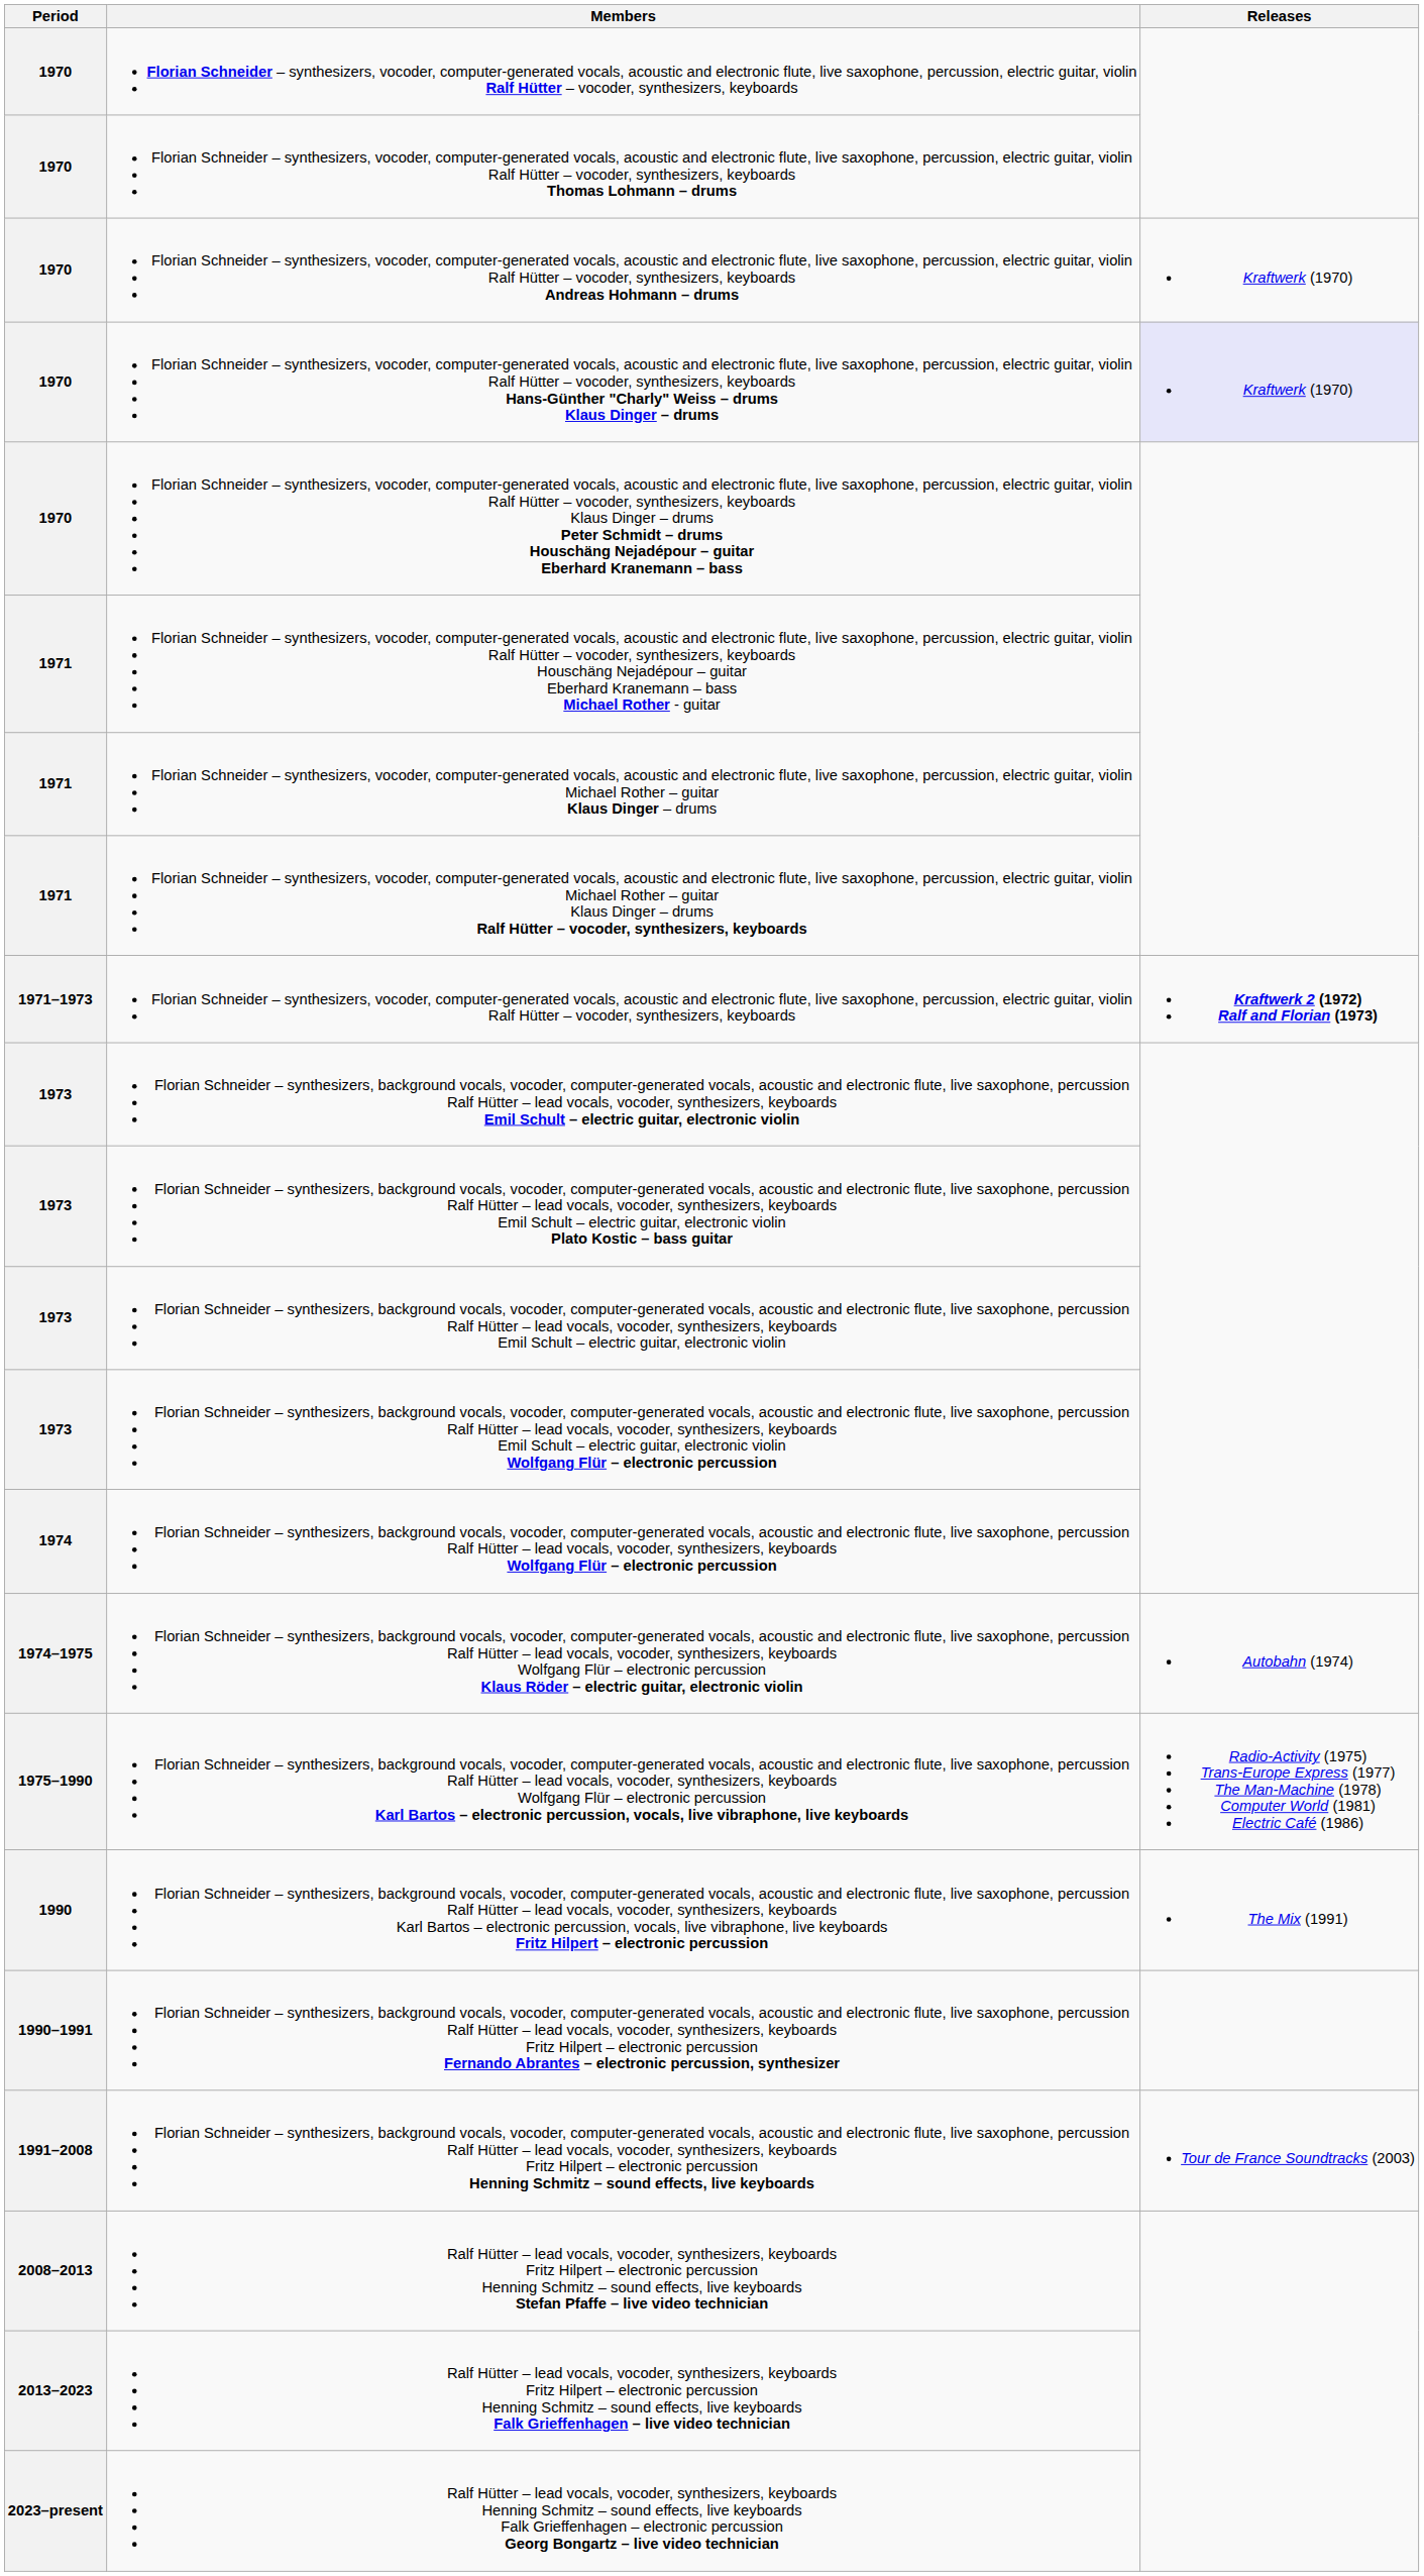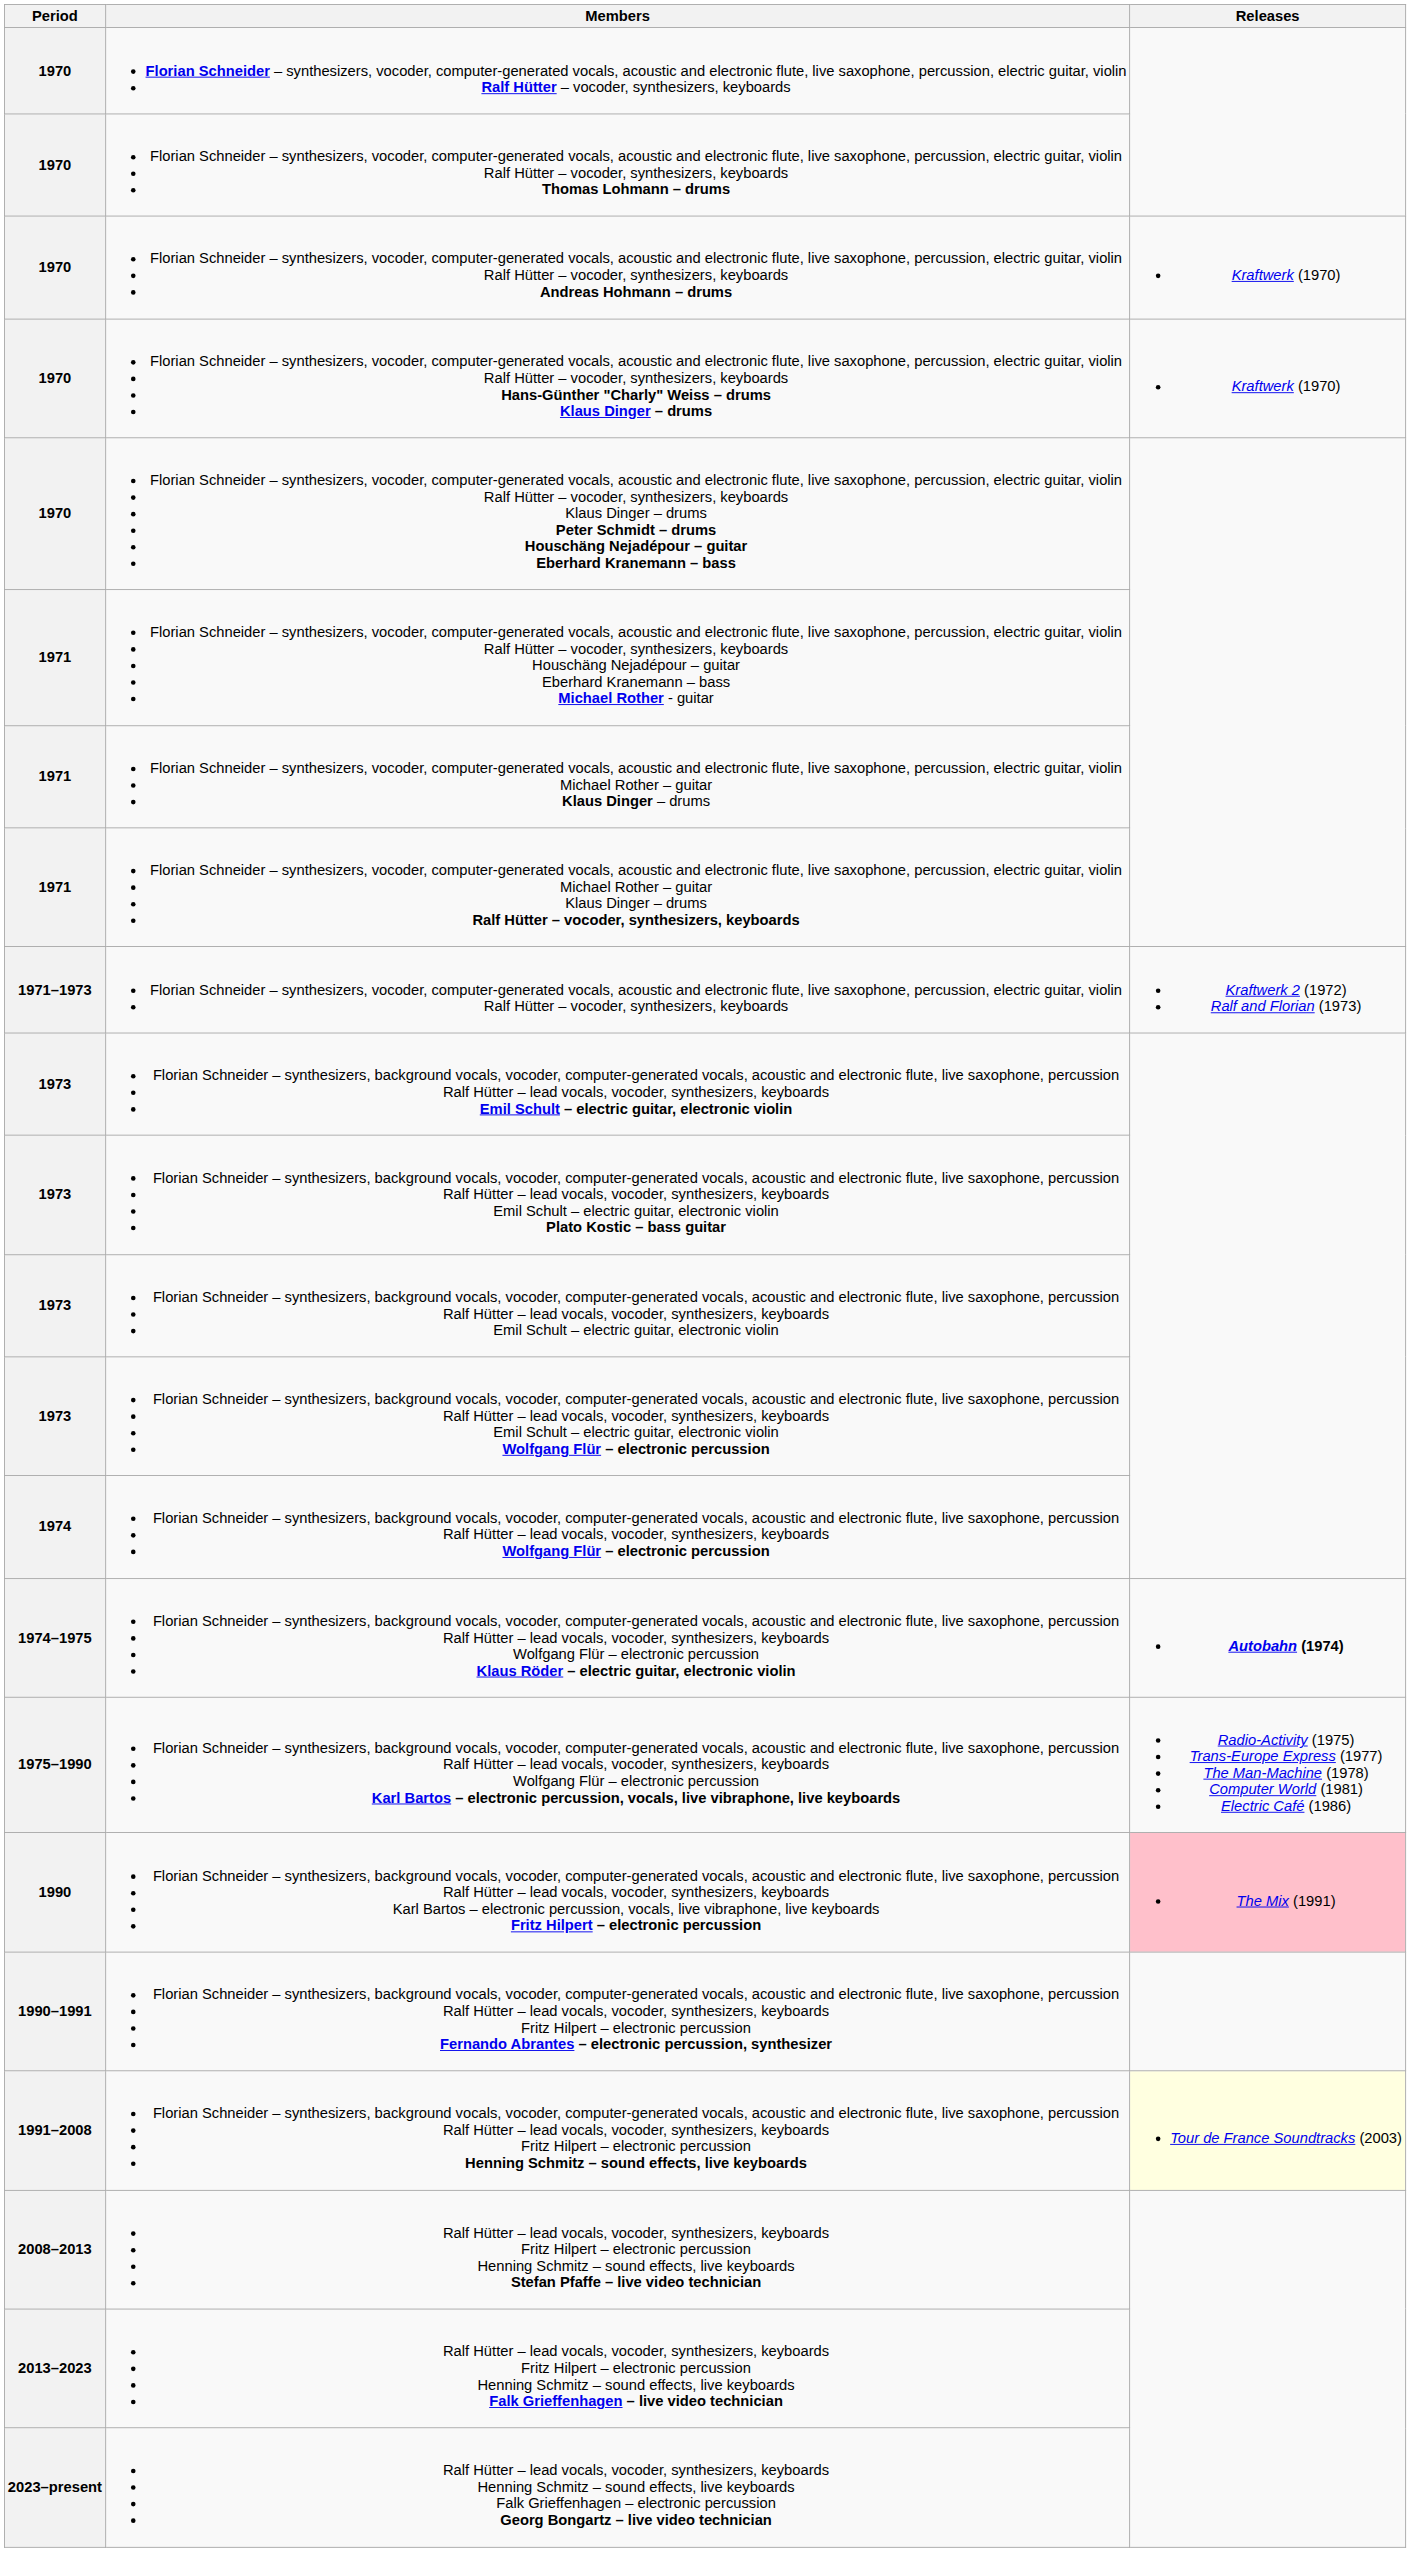 <table class="wikitable plainrowheaders" style="text-align:center;">
 <tr>
 <th scope="col">Period</th>
 <th scope="col">Members</th>
 <th scope="col">Releases</th>
 </tr>
 <tr>
 <th scope="col">1970</th>
 <td><br><ul><li><strong><a href='#'>Florian Schneider</a></strong> – synthesizers, vocoder, computer-generated vocals, acoustic and electronic flute, live saxophone, percussion, electric guitar, violin</li><li><strong><a href='#'>Ralf Hütter</a></strong> – vocoder, synthesizers, keyboards</li></ul></td>
 </tr>
 <tr>
 <th scope="col">1970</th>
 <td><br><ul><li>Florian Schneider – synthesizers, vocoder, computer-generated vocals, acoustic and electronic flute, live saxophone, percussion, electric guitar, violin</li><li>Ralf Hütter – vocoder, synthesizers, keyboards</li><li><strong>Thomas Lohmann – drums</strong></li></ul></td>
 </tr>
 <tr>
 <th scope="col">1970</th>
 <td><br><ul><li>Florian Schneider – synthesizers, vocoder, computer-generated vocals, acoustic and electronic flute, live saxophone, percussion, electric guitar, violin</li><li>Ralf Hütter – vocoder, synthesizers, keyboards</li><li><strong>Andreas Hohmann – drums</strong></li></ul></td>
 <td><br><ul><li><em><a href='#'>Kraftwerk</a></em> (1970)</li></ul></td>
 </tr>
 <tr>
 <th scope="col">1970</th>
 <td><br><ul><li>Florian Schneider – synthesizers, vocoder, computer-generated vocals, acoustic and electronic flute, live saxophone, percussion, electric guitar, violin</li><li>Ralf Hütter – vocoder, synthesizers, keyboards</li><li><strong>Hans-Günther "Charly" Weiss – drums</strong></li><li><strong><a href='#'>Klaus Dinger</a> – drums</strong></li></ul></td>
-<td style="background: lavender;"><br><ul><li><em><a href='#'>Kraftwerk</a></em> (1970)</li></ul></td>
+<td><br><ul><li><em><a href='#'>Kraftwerk</a></em> (1970)</li></ul></td>
 </tr>
 <tr>
 <th scope="col">1970</th>
 <td><br><ul><li>Florian Schneider – synthesizers, vocoder, computer-generated vocals, acoustic and electronic flute, live saxophone, percussion, electric guitar, violin</li><li>Ralf Hütter – vocoder, synthesizers, keyboards</li><li>Klaus Dinger – drums</li><li><strong>Peter Schmidt – drums</strong></li><li><strong>Houschäng Nejadépour – guitar</strong></li><li><strong>Eberhard Kranemann – bass</strong></li></ul></td>
 </tr>
 <tr>
 <th scope="col">1971</th>
 <td><br><ul><li>Florian Schneider – synthesizers, vocoder, computer-generated vocals, acoustic and electronic flute, live saxophone, percussion, electric guitar, violin</li><li>Ralf Hütter – vocoder, synthesizers, keyboards</li><li>Houschäng Nejadépour – guitar</li><li>Eberhard Kranemann – bass</li><li><strong><a href='#'>Michael Rother</a></strong> - guitar</li></ul></td>
 </tr>
 <tr>
 <th scope="col">1971</th>
 <td><br><ul><li>Florian Schneider – synthesizers, vocoder, computer-generated vocals, acoustic and electronic flute, live saxophone, percussion, electric guitar, violin</li><li>Michael Rother – guitar</li><li><strong>Klaus Dinger</strong> – drums</li></ul></td>
 </tr>
 <tr>
 <th scope="col">1971</th>
 <td><br><ul><li>Florian Schneider – synthesizers, vocoder, computer-generated vocals, acoustic and electronic flute, live saxophone, percussion, electric guitar, violin</li><li>Michael Rother – guitar</li><li>Klaus Dinger – drums</li><li><strong>Ralf Hütter – vocoder, synthesizers, keyboards</strong></li></ul></td>
 </tr>
 <tr>
 <th scope="col">1971–1973</th>
 <td><br><ul><li>Florian Schneider – synthesizers, vocoder, computer-generated vocals, acoustic and electronic flute, live saxophone, percussion, electric guitar, violin</li><li>Ralf Hütter – vocoder, synthesizers, keyboards</li></ul></td>
-<td><strong><br><ul><li><em><a href='#'>Kraftwerk 2</a></em> (1972)</li><li><em><a href='#'>Ralf and Florian</a></em> (1973)</li></ul></strong></td>
+<td><br><ul><li><em><a href='#'>Kraftwerk 2</a></em> (1972)</li><li><em><a href='#'>Ralf and Florian</a></em> (1973)</li></ul></td>
 </tr>
 <tr>
 <th scope="col">1973</th>
 <td><br><ul><li>Florian Schneider – synthesizers, background vocals, vocoder, computer-generated vocals, acoustic and electronic flute, live saxophone, percussion</li><li>Ralf Hütter – lead vocals, vocoder, synthesizers, keyboards</li><li><strong><a href='#'>Emil Schult</a> – electric guitar, electronic violin</strong></li></ul></td>
 </tr>
 <tr>
 <th scope="col">1973</th>
 <td><br><ul><li>Florian Schneider – synthesizers, background vocals, vocoder, computer-generated vocals, acoustic and electronic flute, live saxophone, percussion</li><li>Ralf Hütter – lead vocals, vocoder, synthesizers, keyboards</li><li>Emil Schult – electric guitar, electronic violin</li><li><strong>Plato Kostic – bass guitar</strong></li></ul></td>
 </tr>
 <tr>
 <th scope="col">1973</th>
 <td><br><ul><li>Florian Schneider – synthesizers, background vocals, vocoder, computer-generated vocals, acoustic and electronic flute, live saxophone, percussion</li><li>Ralf Hütter – lead vocals, vocoder, synthesizers, keyboards</li><li>Emil Schult – electric guitar, electronic violin</li></ul></td>
 </tr>
 <tr>
 <th scope="col">1973</th>
 <td><br><ul><li>Florian Schneider – synthesizers, background vocals, vocoder, computer-generated vocals, acoustic and electronic flute, live saxophone, percussion</li><li>Ralf Hütter – lead vocals, vocoder, synthesizers, keyboards</li><li>Emil Schult – electric guitar, electronic violin</li><li><strong><a href='#'>Wolfgang Flür</a> – electronic percussion</strong></li></ul></td>
 </tr>
 <tr>
 <th scope="col">1974</th>
 <td><br><ul><li>Florian Schneider – synthesizers, background vocals, vocoder, computer-generated vocals, acoustic and electronic flute, live saxophone, percussion</li><li>Ralf Hütter – lead vocals, vocoder, synthesizers, keyboards</li><li><strong><a href='#'>Wolfgang Flür</a> – electronic percussion</strong></li></ul></td>
 </tr>
 <tr>
 <th scope="col">1974–1975</th>
 <td><br><ul><li>Florian Schneider – synthesizers, background vocals, vocoder, computer-generated vocals, acoustic and electronic flute, live saxophone, percussion</li><li>Ralf Hütter – lead vocals, vocoder, synthesizers, keyboards</li><li>Wolfgang Flür – electronic percussion</li><li><strong><a href='#'>Klaus Röder</a> – electric guitar, electronic violin</strong></li></ul></td>
-<td><br><ul><li><em><a href='#'>Autobahn</a></em> (1974)</li></ul></td>
+<td><strong><br><ul><li><em><a href='#'>Autobahn</a></em> (1974)</li></ul></strong></td>
 </tr>
 <tr>
 <th scope="col">1975–1990</th>
 <td><br><ul><li>Florian Schneider – synthesizers, background vocals, vocoder, computer-generated vocals, acoustic and electronic flute, live saxophone, percussion</li><li>Ralf Hütter – lead vocals, vocoder, synthesizers, keyboards</li><li>Wolfgang Flür – electronic percussion</li><li><strong><a href='#'>Karl Bartos</a> – electronic percussion, vocals, live vibraphone, live keyboards</strong></li></ul></td>
 <td><br><ul><li><em><a href='#'>Radio-Activity</a></em> (1975)</li><li><em><a href='#'>Trans-Europe Express</a></em> (1977)</li><li><em><a href='#'>The Man-Machine</a></em> (1978)</li><li><em><a href='#'>Computer World</a></em> (1981)</li><li><em><a href='#'>Electric Café</a></em> (1986)</li></ul></td>
 </tr>
 <tr>
 <th scope="col">1990</th>
 <td><br><ul><li>Florian Schneider – synthesizers, background vocals, vocoder, computer-generated vocals, acoustic and electronic flute, live saxophone, percussion</li><li>Ralf Hütter – lead vocals, vocoder, synthesizers, keyboards</li><li>Karl Bartos – electronic percussion, vocals, live vibraphone, live keyboards</li><li><strong><a href='#'>Fritz Hilpert</a> – electronic percussion</strong></li></ul></td>
-<td><br><ul><li><em><a href='#'>The Mix</a></em> (1991)</li></ul></td>
+<td style="background: pink;"><br><ul><li><em><a href='#'>The Mix</a></em> (1991)</li></ul></td>
 </tr>
 <tr>
 <th scope="col">1990–1991</th>
 <td><br><ul><li>Florian Schneider – synthesizers, background vocals, vocoder, computer-generated vocals, acoustic and electronic flute, live saxophone, percussion</li><li>Ralf Hütter – lead vocals, vocoder, synthesizers, keyboards</li><li>Fritz Hilpert – electronic percussion</li><li><strong><a href='#'>Fernando Abrantes</a> – electronic percussion, synthesizer</strong></li></ul></td>
 </tr>
 <tr>
 <th scope="col">1991–2008</th>
 <td><br><ul><li>Florian Schneider – synthesizers, background vocals, vocoder, computer-generated vocals, acoustic and electronic flute, live saxophone, percussion</li><li>Ralf Hütter – lead vocals, vocoder, synthesizers, keyboards</li><li>Fritz Hilpert – electronic percussion</li><li><strong>Henning Schmitz – sound effects, live keyboards</strong></li></ul></td>
-<td><br><ul><li><em><a href='#'>Tour de France Soundtracks</a></em> (2003)</li></ul></td>
+<td style="background: lightyellow;"><br><ul><li><em><a href='#'>Tour de France Soundtracks</a></em> (2003)</li></ul></td>
 </tr>
 <tr>
 <th scope="col">2008–2013</th>
 <td><br><ul><li>Ralf Hütter – lead vocals, vocoder, synthesizers, keyboards</li><li>Fritz Hilpert – electronic percussion</li><li>Henning Schmitz – sound effects, live keyboards</li><li><strong>Stefan Pfaffe – live video technician</strong></li></ul></td>
 </tr>
 <tr>
 <th scope="col">2013–2023</th>
 <td><br><ul><li>Ralf Hütter – lead vocals, vocoder, synthesizers, keyboards</li><li>Fritz Hilpert – electronic percussion</li><li>Henning Schmitz – sound effects, live keyboards</li><li><strong><a href='#'>Falk Grieffenhagen</a> – live video technician</strong></li></ul></td>
 </tr>
 <tr>
 <th scope="col">2023–present</th>
 <td><br><ul><li>Ralf Hütter – lead vocals, vocoder, synthesizers, keyboards</li><li>Henning Schmitz – sound effects, live keyboards</li><li>Falk Grieffenhagen – electronic percussion</li><li><strong>Georg Bongartz – live video technician</strong></li></ul></td>
 </tr>
 </table>
